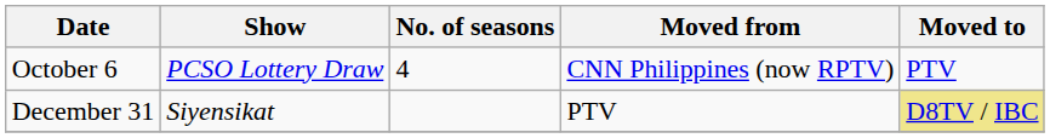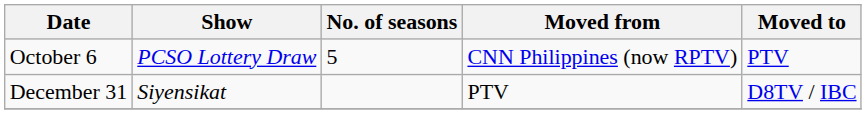 <table class="wikitable">
 <tr>
 <th>Date</th>
 <th>Show</th>
 <th>No. of seasons</th>
 <th>Moved from</th>
 <th>Moved to</th>
 </tr>
 <tr>
 <td>October 6</td>
 <td><em><a href='#'>PCSO Lottery Draw</a></em></td>
-<td>4</td>
+<td>5</td>
 <td><a href='#'>CNN Philippines</a> (now <a href='#'>RPTV</a>)</td>
 <td><a href='#'>PTV</a></td>
 </tr>
 <tr>
 <td>December 31</td>
 <td><em>Siyensikat</em></td>
 <td></td>
 <td>PTV</td>
-<td style="background: khaki;"><a href='#'>D8TV</a> / <a href='#'>IBC</a></td>
+<td><a href='#'>D8TV</a> / <a href='#'>IBC</a></td>
 </tr>
 <tr>
 </tr>
 </table>
